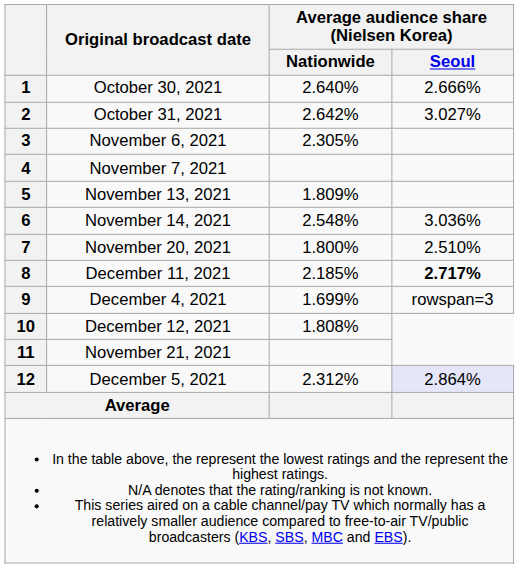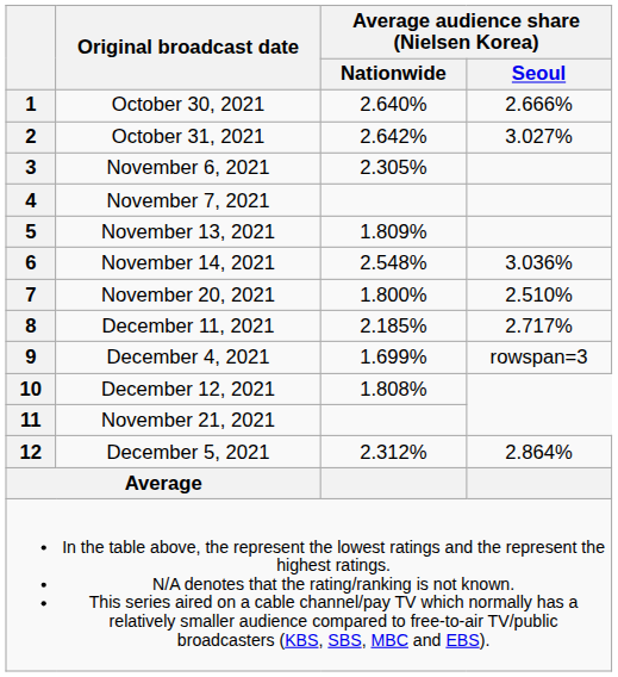 <table class="wikitable" style="text-align:center; max-width:490px; margin-left: auto; margin-right: auto; border: none;">
 <tr>
 </tr>
 <tr>
 <th rowspan="2"></th>
 <th rowspan="2">Original broadcast date</th>
 <th colspan="2">Average audience share<br>(Nielsen Korea)</th>
 </tr>
 <tr>
 <th width="110">Nationwide</th>
 <th width="110"><a href='#'>Seoul</a></th>
 </tr>
 <tr>
 <th>1</th>
 <td>October 30, 2021</td>
 <td>2.640% </td>
 <td>2.666% </td>
 </tr>
 <tr>
 <th>2</th>
 <td>October 31, 2021</td>
 <td>2.642% </td>
 <td>3.027% </td>
 </tr>
 <tr>
 <th>3</th>
 <td>November 6, 2021</td>
 <td>2.305% </td>
 <td> </td>
 </tr>
 <tr>
 <th>4</th>
 <td>November 7, 2021</td>
 <td> </td>
 <td> </td>
 </tr>
 <tr>
 <th>5</th>
 <td>November 13, 2021</td>
 <td>1.809% </td>
 <td></td>
 </tr>
 <tr>
 <th>6</th>
 <td>November 14, 2021</td>
 <td>2.548% </td>
 <td>3.036% </td>
 </tr>
 <tr>
 <th>7</th>
 <td>November 20, 2021</td>
 <td>1.800% </td>
 <td>2.510% </td>
 </tr>
 <tr>
 <th>8</th>
 <td>December 11, 2021</td>
 <td>2.185% </td>
-<td><strong>2.717% </strong></td>
+<td>2.717% </td>
 </tr>
 <tr>
 <th>9</th>
 <td>December 4, 2021</td>
 <td>1.699% </td>
 <td>rowspan=3 </td>
 </tr>
 <tr>
 <th>10</th>
 <td>December 12, 2021</td>
 <td>1.808% </td>
 </tr>
 <tr>
 <th>11</th>
 <td>November 21, 2021</td>
 <td> </td>
 </tr>
 <tr>
 <th>12</th>
 <td>December 5, 2021</td>
 <td>2.312% </td>
-<td style="background: lavender;">2.864% </td>
+<td>2.864% </td>
 </tr>
 <tr>
 <th colspan="2">Average</th>
 <th></th>
 <th></th>
 </tr>
 <tr>
 <td colspan="4" style="font-size:85%"><br><ul><li>In the table above, the <strong></strong> represent the lowest ratings and the <strong></strong> represent the highest ratings.</li><li>N/A denotes that the rating/ranking is not known.</li><li>This series aired on a cable channel/pay TV which normally has a relatively smaller audience compared to free-to-air TV/public broadcasters (<a href='#'>KBS</a>, <a href='#'>SBS</a>, <a href='#'>MBC</a> and <a href='#'>EBS</a>).</li></ul></td>
 </tr>
 </table>
